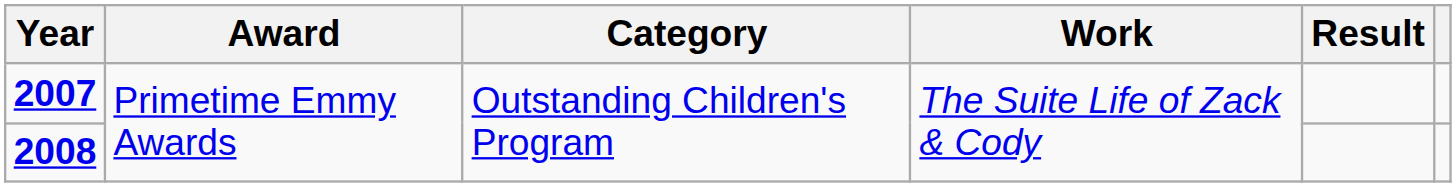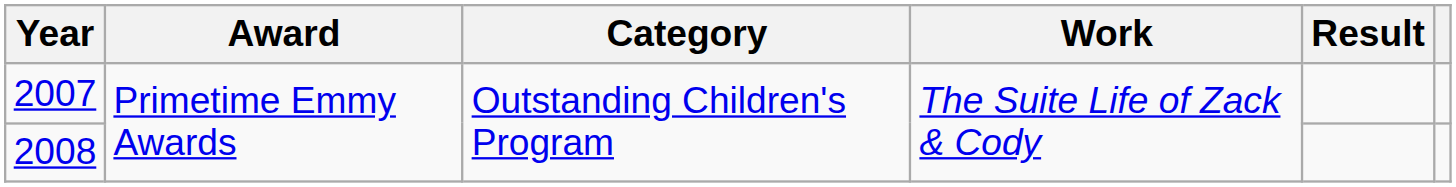 <table class="wikitable plainrowheaders sortable" style="margin-right: 0;">
 <tr>
 <th scope="col">Year</th>
 <th scope="col">Award</th>
 <th scope="col">Category</th>
 <th scope="col">Work</th>
 <th scope="col">Result</th>
 <th scope="col" class="unsortable"></th>
 </tr>
 <tr>
-<td><strong><a href='#'>2007</a></strong></td>
+<td><a href='#'>2007</a></td>
 <td rowspan="2"><a href='#'>Primetime Emmy Awards</a></td>
 <td rowspan="2"><a href='#'>Outstanding Children's Program</a></td>
 <td rowspan="2"><em><a href='#'>The Suite Life of Zack & Cody</a></em></td>
 <td></td>
 <td></td>
 </tr>
 <tr>
-<td><strong><a href='#'>2008</a></strong></td>
+<td><a href='#'>2008</a></td>
 <td></td>
 <td></td>
 </tr>
 </table>
